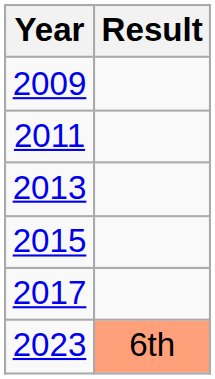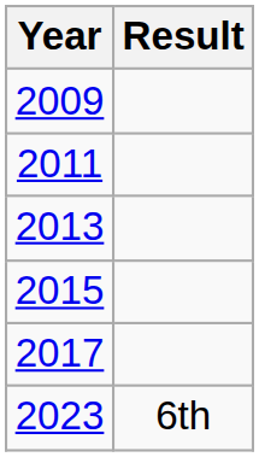 <table class="wikitable" style="text-align:center">
 <tr>
 <th>Year</th>
 <th>Result</th>
 </tr>
 <tr>
 <td><a href='#'>2009</a></td>
 <td></td>
 </tr>
 <tr>
 <td><a href='#'>2011</a></td>
 <td></td>
 </tr>
 <tr>
 <td><a href='#'>2013</a></td>
 <td></td>
 </tr>
 <tr>
 <td><a href='#'>2015</a></td>
 <td></td>
 </tr>
 <tr>
 <td><a href='#'>2017</a></td>
 <td></td>
 </tr>
 <tr>
 <td><a href='#'>2023</a></td>
-<td style="background: lightsalmon;">6th</td>
+<td>6th</td>
 </tr>
 </table>
